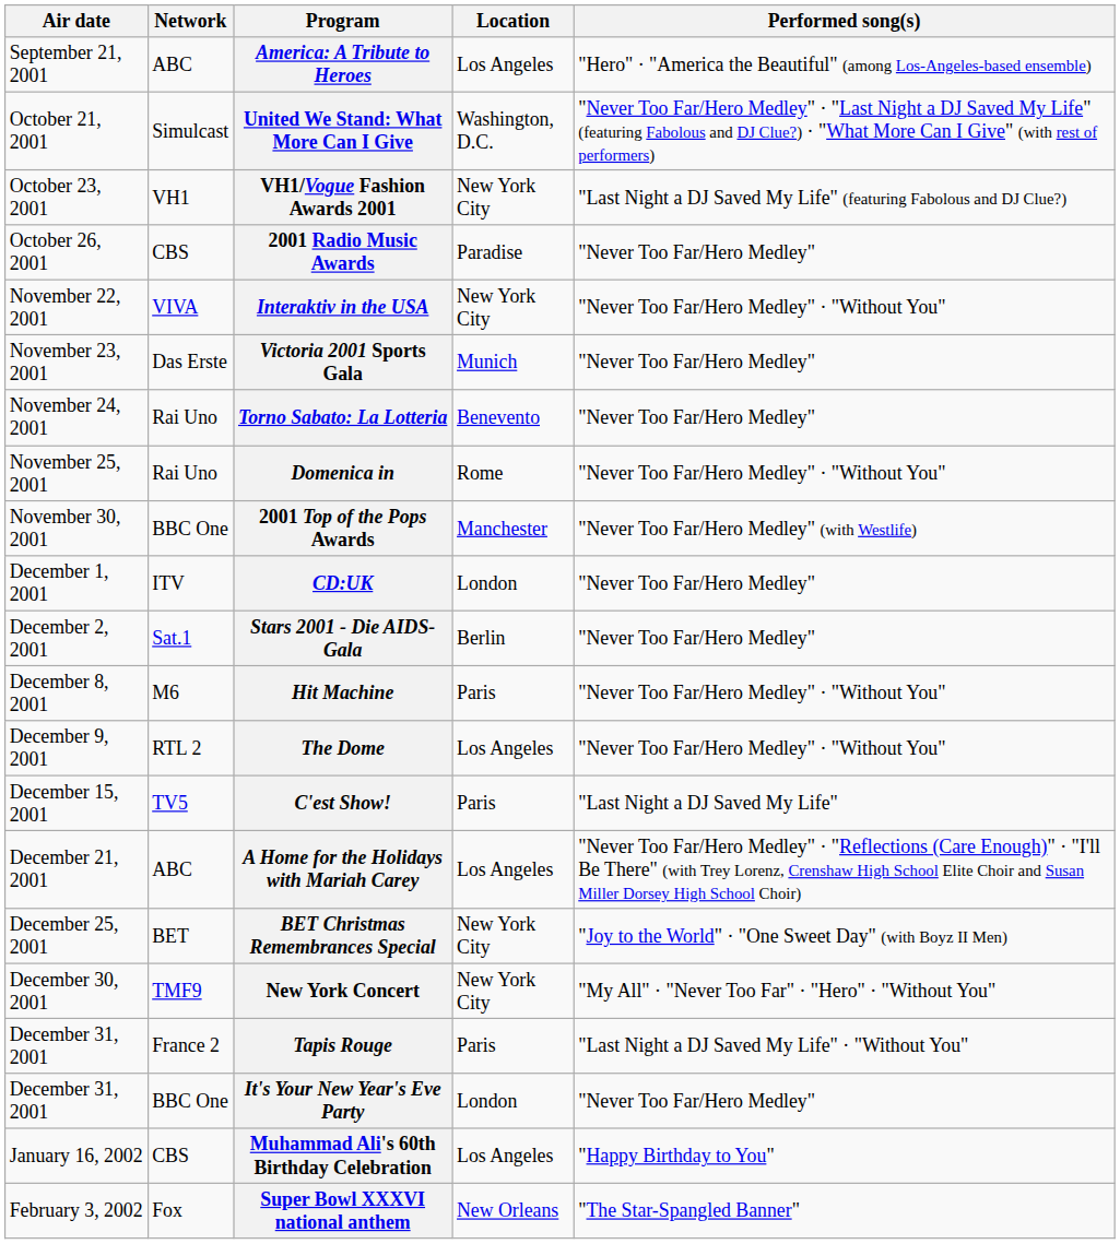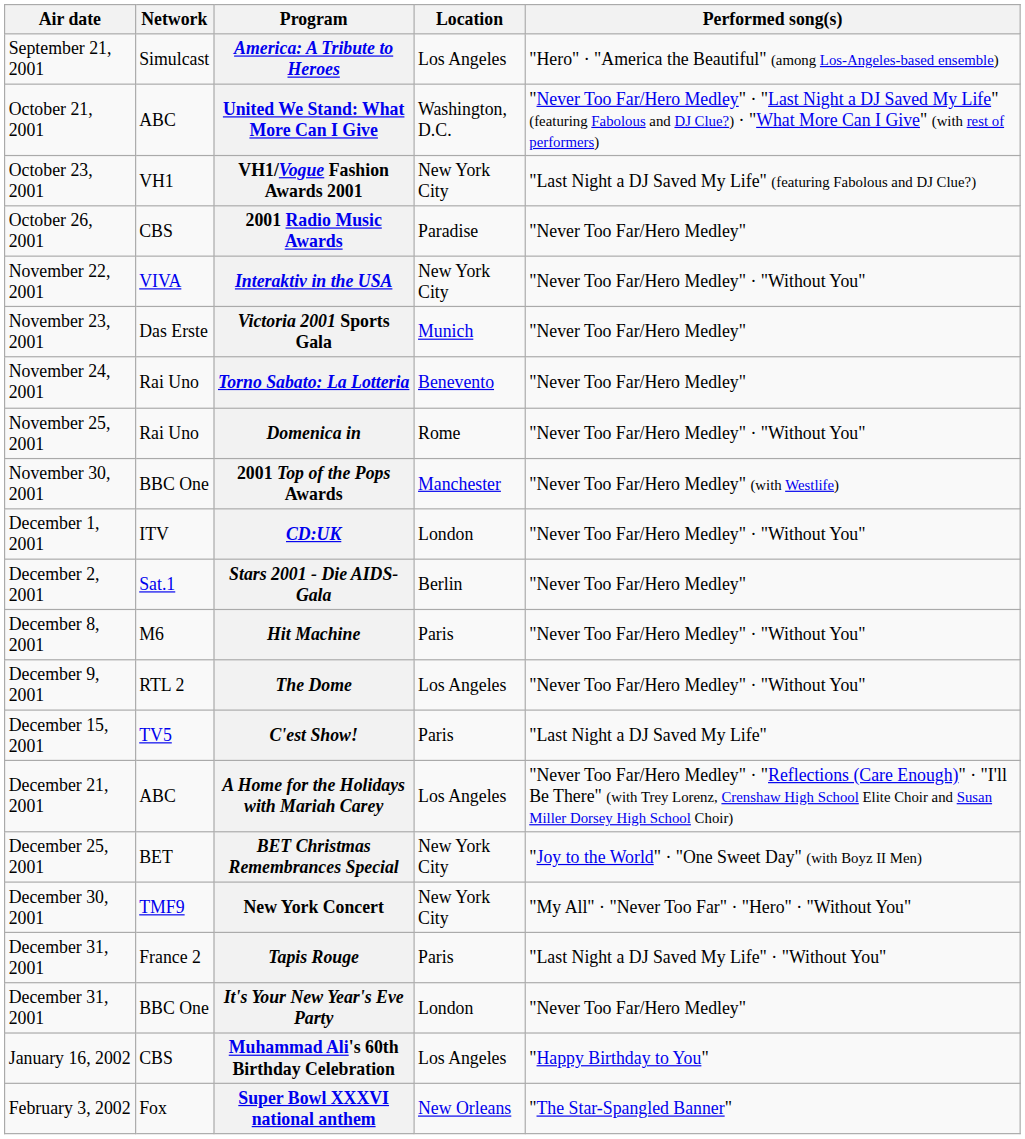 <table class="wikitable sortable plainrowheaders" style="font-size:95%;">
 <tr>
 <th style="width:13%;">Air date</th>
 <th style="width:6%;">Network</th>
 <th style="width:20%;">Program</th>
 <th style="width:11%;">Location</th>
 <th style="width:51%;">Performed song(s)</th>
 </tr>
 <tr>
 <td>September 21, 2001</td>
-<td>ABC</td>
+<td>Simulcast</td>
 <th scope="row"><em><a href='#'>America: A Tribute to Heroes</a></em></th>
 <td>Los Angeles</td>
 <td>"Hero" · "America the Beautiful" <small>(among <a href='#'>Los-Angeles-based ensemble</a>)</small></td>
 </tr>
 <tr>
 <td>October 21, 2001</td>
-<td>Simulcast</td>
+<td>ABC</td>
 <th scope="row"><a href='#'>United We Stand: What More Can I Give</a></th>
 <td>Washington, D.C.</td>
 <td>"<a href='#'>Never Too Far/Hero Medley</a>" · "<a href='#'>Last Night a DJ Saved My Life</a>" <small>(featuring <a href='#'>Fabolous</a> and <a href='#'>DJ Clue?</a>)</small> · "<a href='#'>What More Can I Give</a>" <small>(with <a href='#'>rest of performers</a>)</small></td>
 </tr>
 <tr>
 <td>October 23, 2001</td>
 <td>VH1</td>
 <th scope="row">VH1/<em><a href='#'>Vogue</a> </em>Fashion Awards 2001</th>
 <td>New York City</td>
 <td>"Last Night a DJ Saved My Life" <small>(featuring Fabolous and DJ Clue?)</small></td>
 </tr>
 <tr>
 <td>October 26, 2001</td>
 <td>CBS</td>
 <th scope="row">2001 <a href='#'>Radio Music Awards</a></th>
 <td>Paradise</td>
 <td>"Never Too Far/Hero Medley"</td>
 </tr>
 <tr>
 <td>November 22, 2001</td>
 <td><a href='#'>VIVA</a></td>
 <th scope="row"><em><a href='#'>Interaktiv in the USA</a></em></th>
 <td>New York City</td>
 <td>"Never Too Far/Hero Medley" · "Without You"</td>
 </tr>
 <tr>
 <td>November 23, 2001</td>
 <td>Das Erste</td>
 <th scope="row"><em>Victoria 2001</em> Sports Gala</th>
 <td><a href='#'>Munich</a></td>
 <td>"Never Too Far/Hero Medley"</td>
 </tr>
 <tr>
 <td>November 24, 2001</td>
 <td>Rai Uno</td>
 <th scope="row"><em><a href='#'>Torno Sabato: La Lotteria</a></em></th>
 <td><a href='#'>Benevento</a></td>
 <td>"Never Too Far/Hero Medley"</td>
 </tr>
 <tr>
 <td>November 25, 2001</td>
 <td>Rai Uno</td>
 <th scope="row"><em>Domenica in</em></th>
 <td>Rome</td>
 <td>"Never Too Far/Hero Medley" · "Without You"</td>
 </tr>
 <tr>
 <td>November 30, 2001</td>
 <td>BBC One</td>
 <th scope="row">2001 <em>Top of the Pops</em> Awards</th>
 <td><a href='#'>Manchester</a></td>
 <td>"Never Too Far/Hero Medley" <small>(with <a href='#'>Westlife</a>)</small></td>
 </tr>
 <tr>
 <td>December 1, 2001</td>
 <td>ITV</td>
 <th scope="row"><em><a href='#'>CD:UK</a></em></th>
 <td>London</td>
-<td>"Never Too Far/Hero Medley"</td>
+<td>"Never Too Far/Hero Medley" · "Without You"</td>
 </tr>
 <tr>
 <td>December 2, 2001</td>
 <td><a href='#'>Sat.1</a></td>
 <th scope="row"><em>Stars 2001 - Die AIDS-Gala</em></th>
 <td>Berlin</td>
 <td>"Never Too Far/Hero Medley"</td>
 </tr>
 <tr>
 <td>December 8, 2001</td>
 <td>M6</td>
 <th scope="row"><em>Hit Machine</em></th>
 <td>Paris</td>
 <td>"Never Too Far/Hero Medley" · "Without You"</td>
 </tr>
 <tr>
 <td>December 9, 2001</td>
 <td>RTL 2</td>
 <th scope="row"><em>The Dome</em></th>
 <td>Los Angeles</td>
 <td>"Never Too Far/Hero Medley" · "Without You"</td>
 </tr>
 <tr>
 <td>December 15, 2001</td>
 <td><a href='#'>TV5</a></td>
 <th scope="row"><em>C'est Show!</em></th>
 <td>Paris</td>
 <td>"Last Night a DJ Saved My Life"</td>
 </tr>
 <tr>
 <td>December 21, 2001</td>
 <td>ABC</td>
 <th scope="row"><em>A Home for the Holidays with Mariah Carey</em></th>
 <td>Los Angeles</td>
 <td>"Never Too Far/Hero Medley" · "<a href='#'>Reflections (Care Enough)</a>" · "I'll Be There" <small>(with Trey Lorenz, <a href='#'>Crenshaw High School</a> Elite Choir and <a href='#'>Susan Miller Dorsey High School</a> Choir)</small></td>
 </tr>
 <tr>
 <td>December 25, 2001</td>
 <td>BET</td>
 <th scope="row"><em>BET Christmas Remembrances Special</em></th>
 <td>New York City</td>
 <td>"<a href='#'>Joy to the World</a>" · "One Sweet Day" <small>(with Boyz II Men)</small></td>
 </tr>
 <tr>
 <td>December 30, 2001</td>
 <td><a href='#'>TMF9</a></td>
 <th scope="row">New York Concert</th>
 <td>New York City</td>
 <td>"My All" · "Never Too Far" · "Hero" · "Without You"</td>
 </tr>
 <tr>
 <td>December 31, 2001</td>
 <td>France 2</td>
 <th scope="row"><em>Tapis Rouge</em></th>
 <td>Paris</td>
 <td>"Last Night a DJ Saved My Life" · "Without You"</td>
 </tr>
 <tr>
 <td>December 31, 2001</td>
 <td>BBC One</td>
 <th scope="row"><em>It's Your New Year's Eve Party</em></th>
 <td>London</td>
 <td>"Never Too Far/Hero Medley"</td>
 </tr>
 <tr>
 <td>January 16, 2002</td>
 <td>CBS</td>
 <th scope="row"><a href='#'>Muhammad Ali</a>'s 60th Birthday Celebration</th>
 <td>Los Angeles</td>
 <td>"<a href='#'>Happy Birthday to You</a>"</td>
 </tr>
 <tr>
 <td>February 3, 2002</td>
 <td>Fox</td>
 <th scope="row"><a href='#'>Super Bowl XXXVI</a> <a href='#'>national anthem</a></th>
 <td><a href='#'>New Orleans</a></td>
 <td>"<a href='#'>The Star-Spangled Banner</a>"</td>
 </tr>
 </table>
